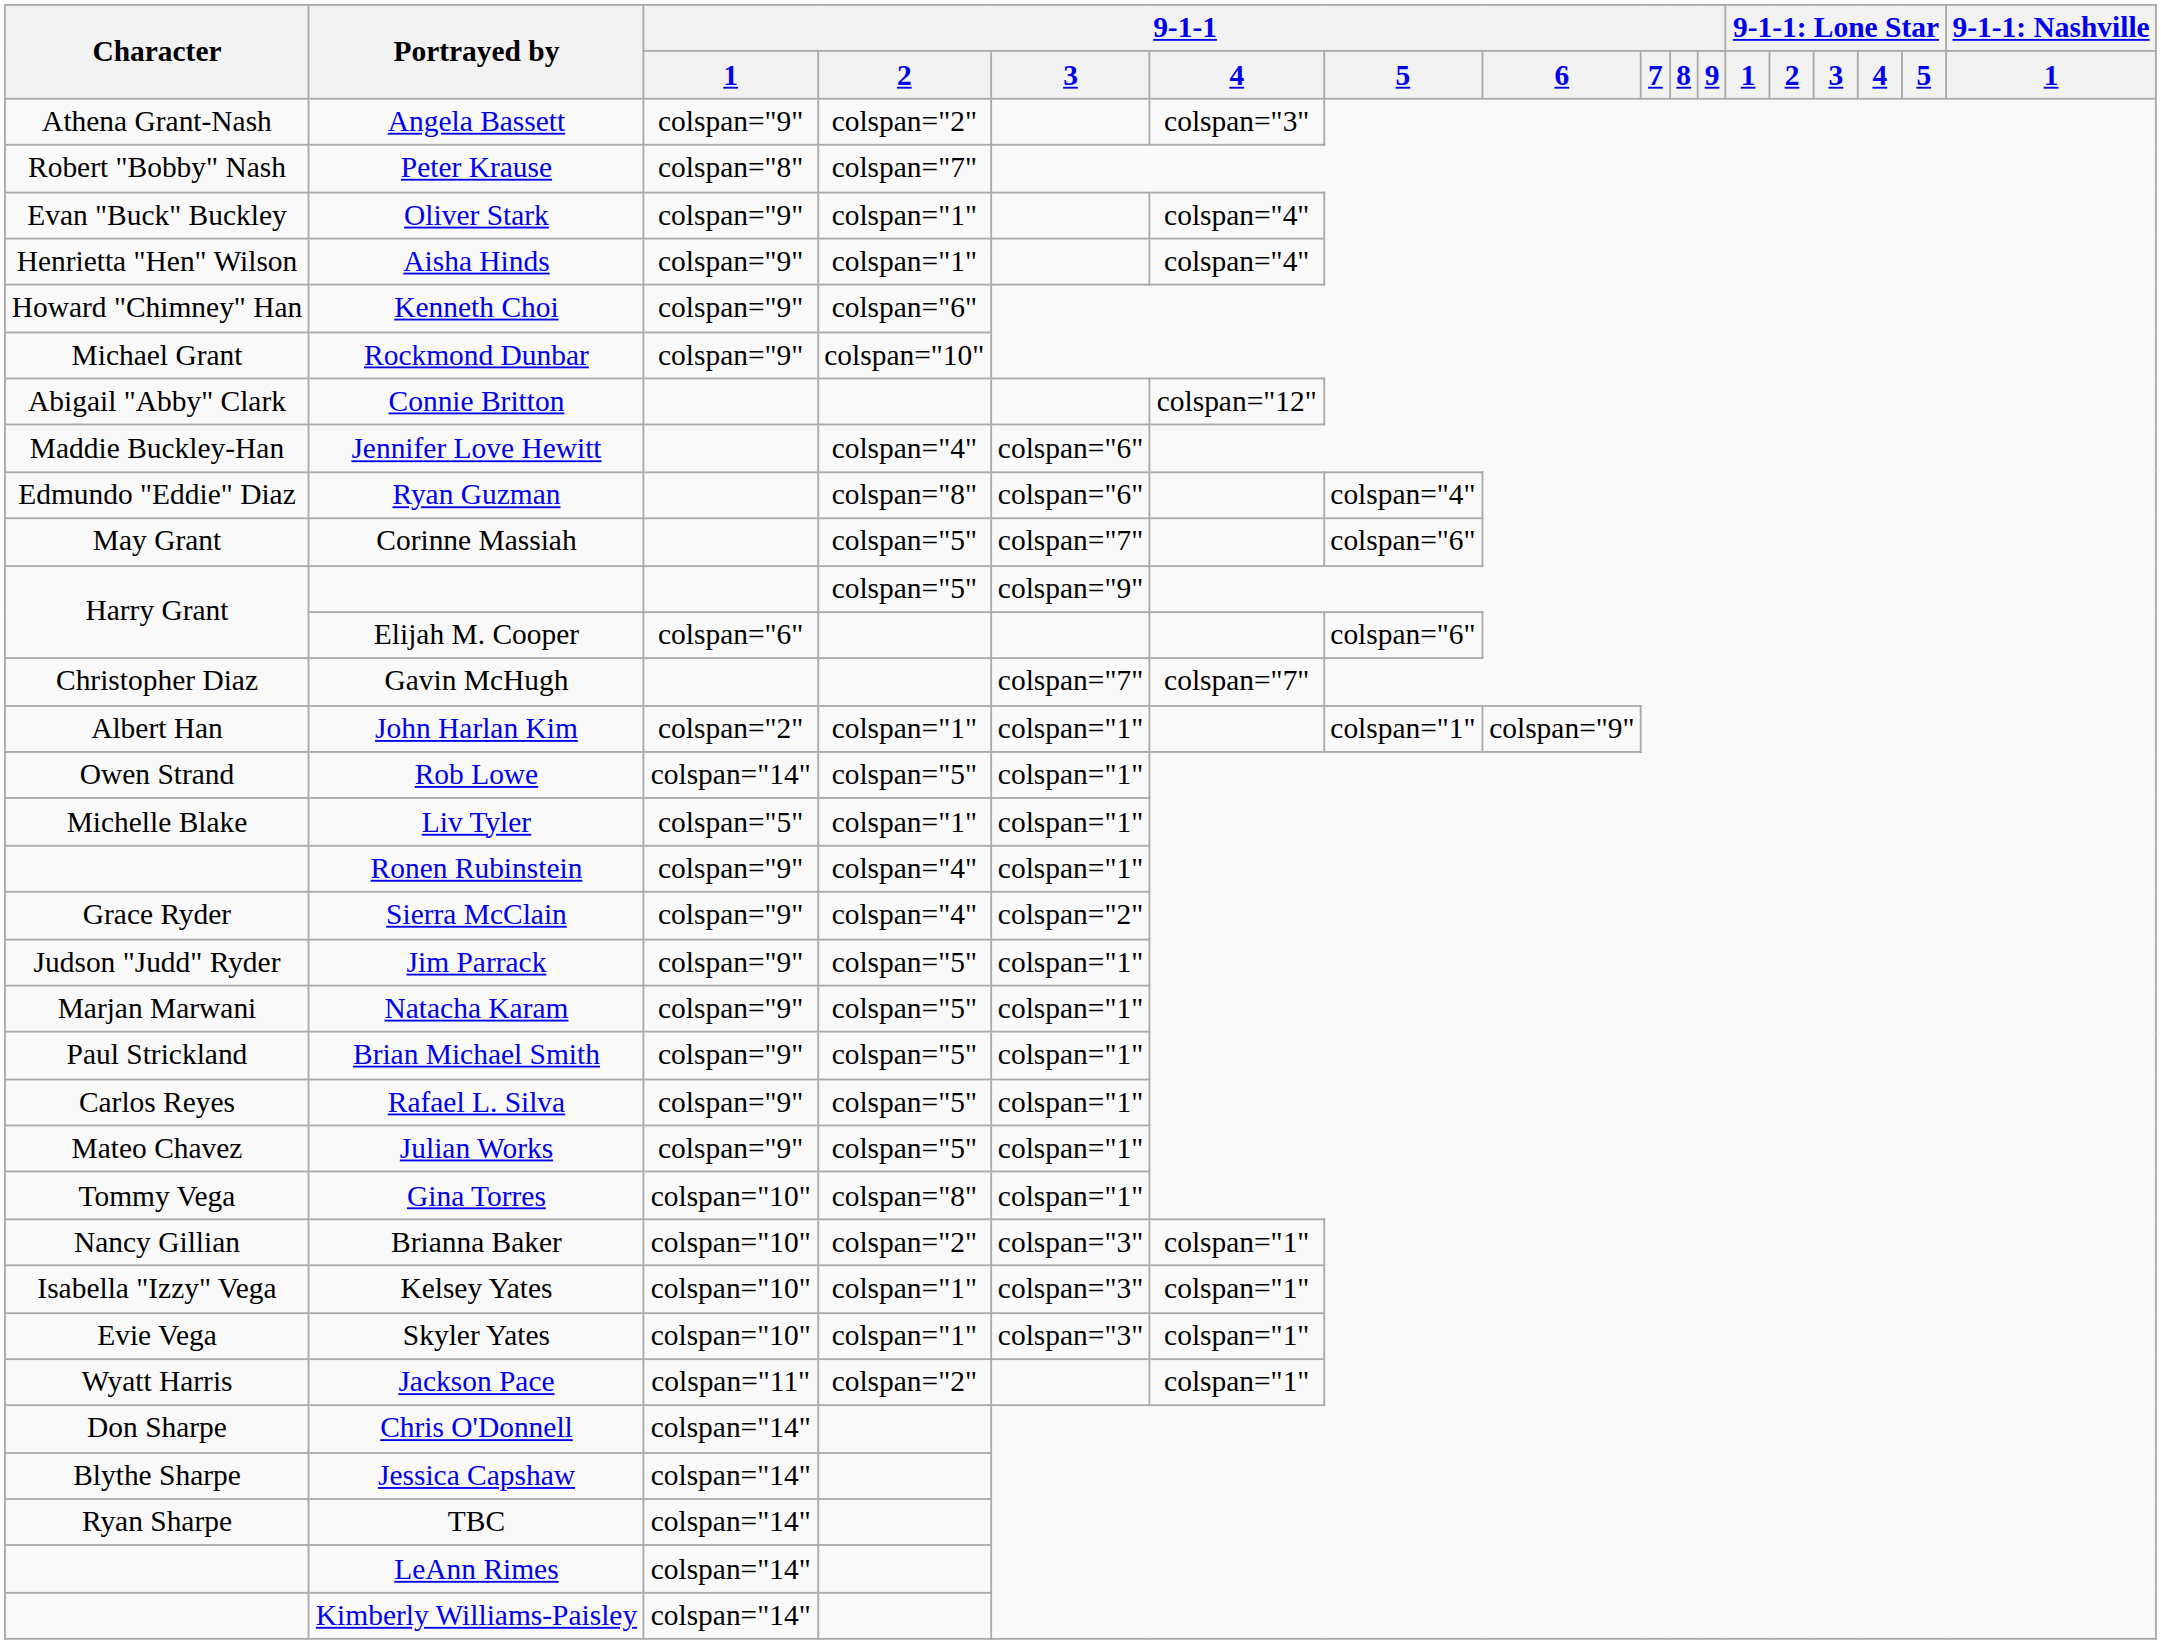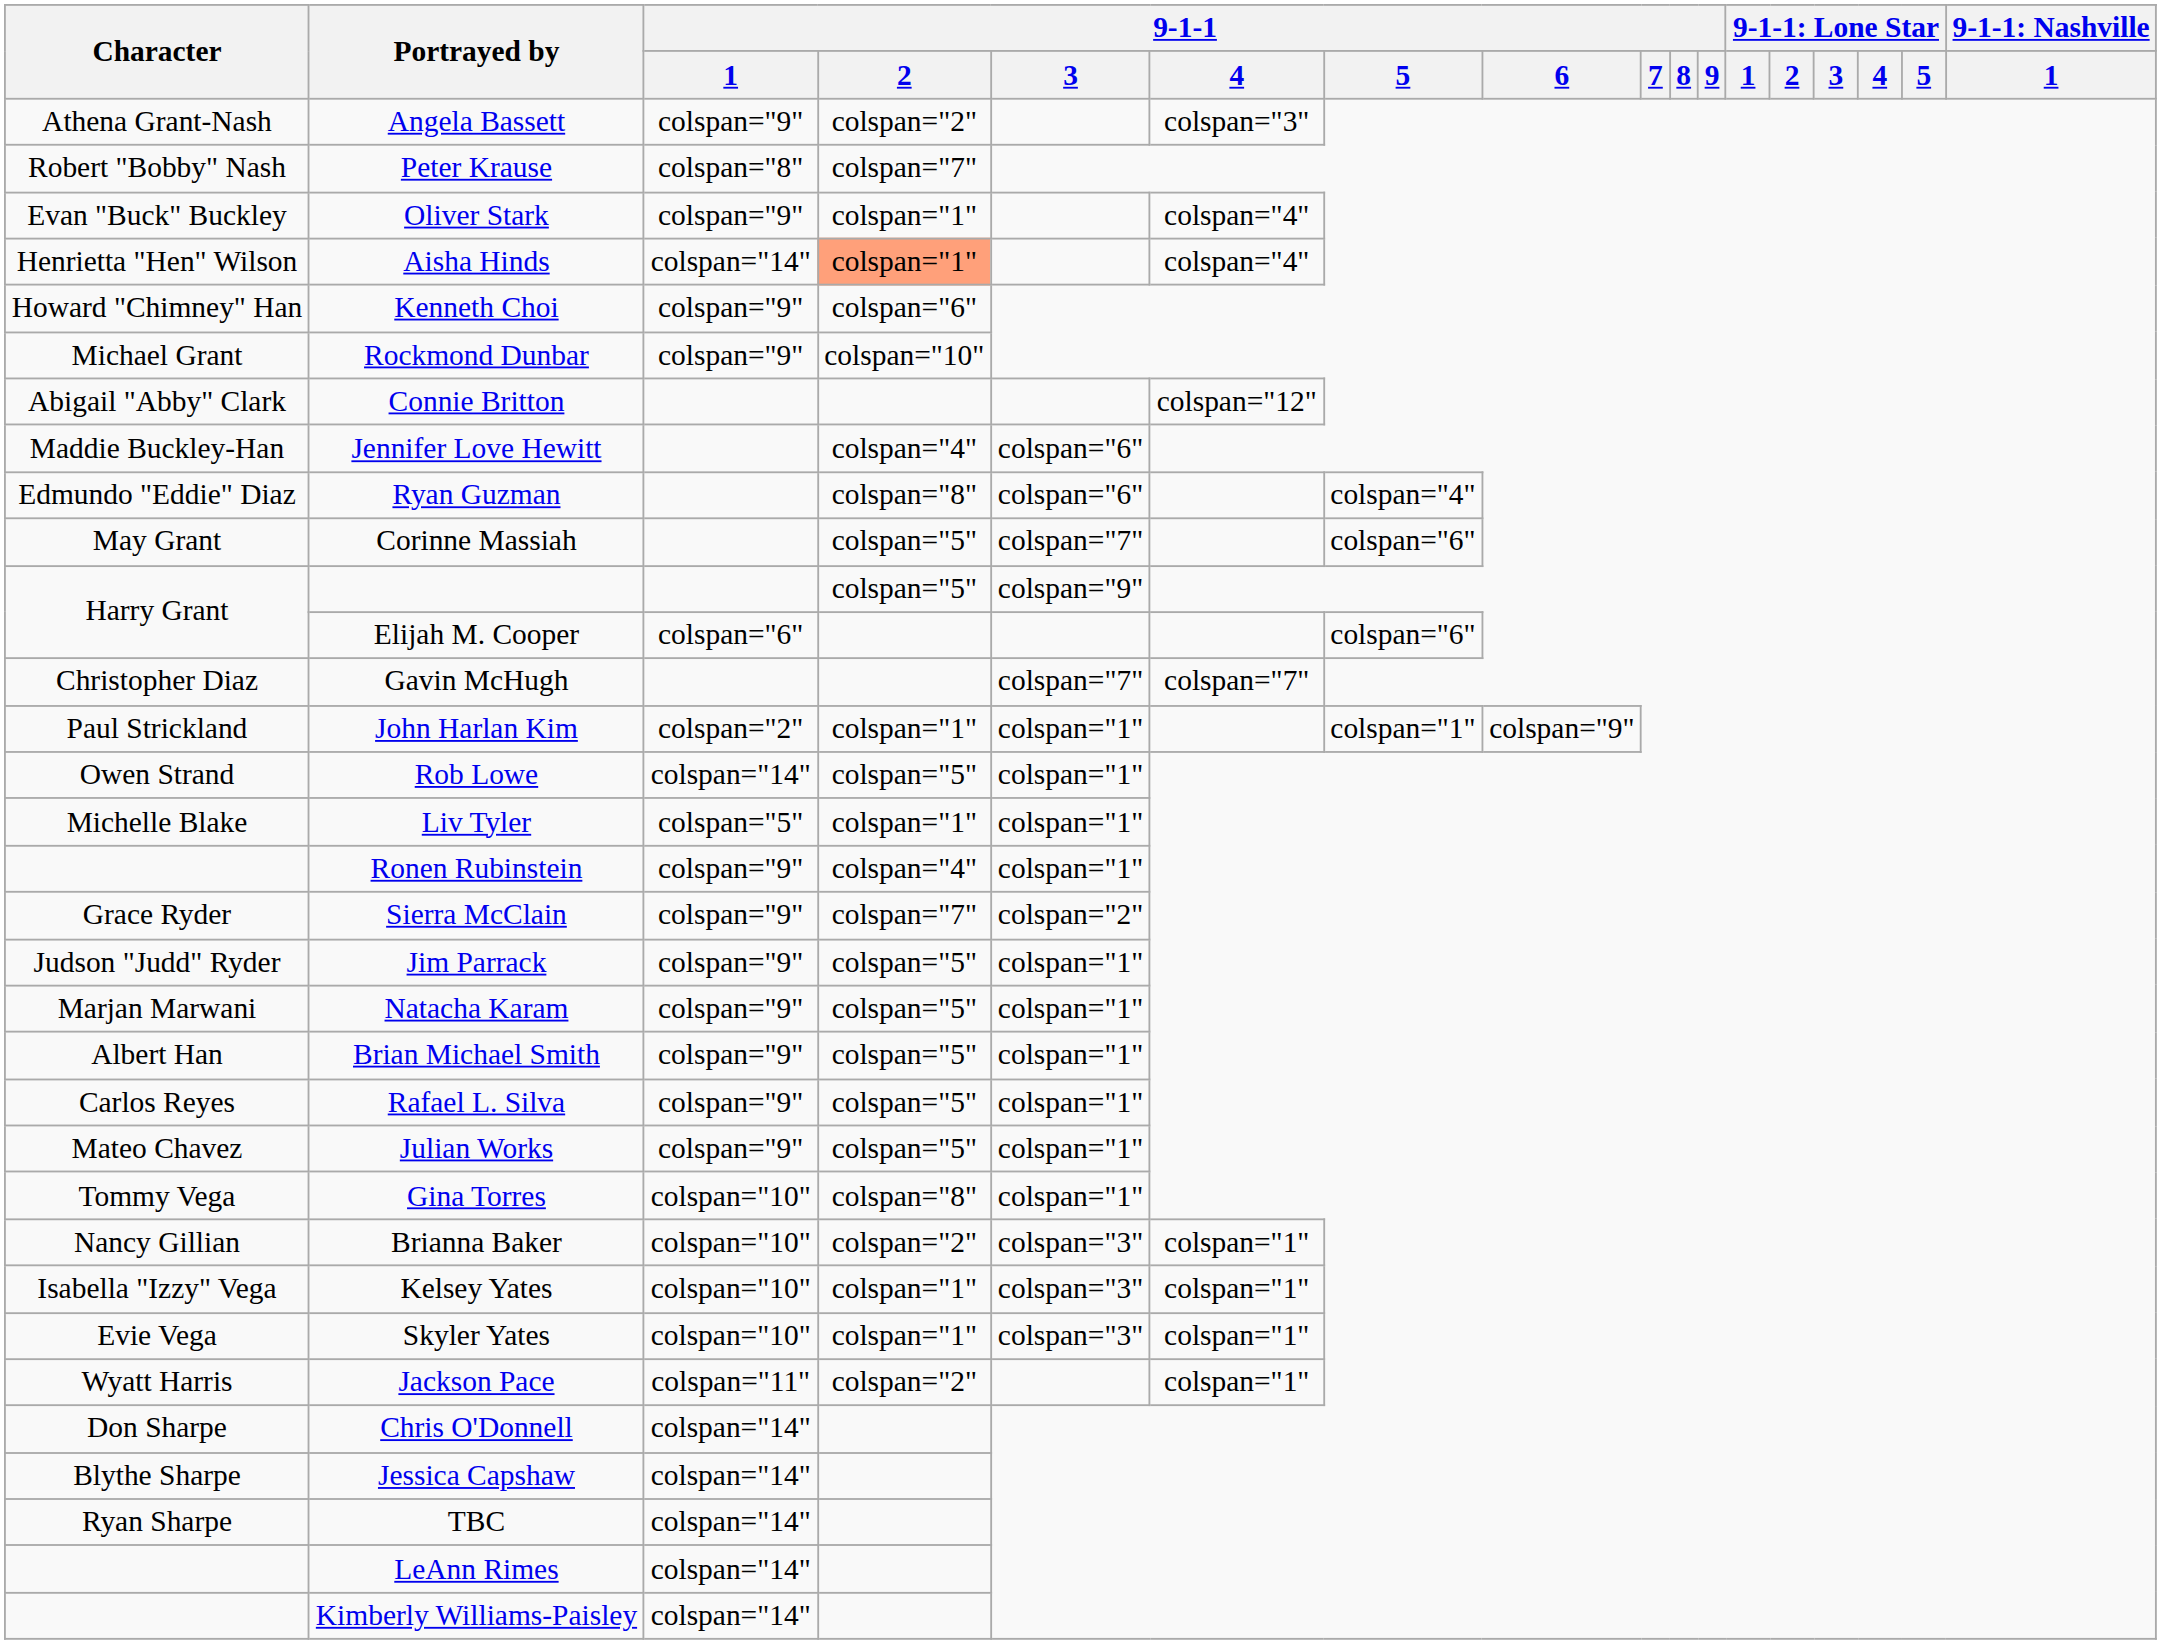 <table class="wikitable plainrowheaders" style="text-align:center">
 <tr>
 <th scope="col" rowspan="2">Character</th>
 <th scope="col" rowspan="2">Portrayed by</th>
 <th scope="col" colspan="9"><a href='#'>9-1-1</a></th>
 <th scope="col" colspan="5"><a href='#'>9-1-1: Lone Star</a></th>
 <th scope="col" colspan="1"><a href='#'>9-1-1: Nashville</a></th>
 </tr>
 <tr>
 <th scope="col"><a href='#'>1</a></th>
 <th scope="col"><a href='#'>2</a></th>
 <th scope="col"><a href='#'>3</a></th>
 <th scope="col"><a href='#'>4</a></th>
 <th scope="col"><a href='#'>5</a></th>
 <th scope="col"><a href='#'>6</a></th>
 <th scope="col"><a href='#'>7</a></th>
 <th scope="col"><a href='#'>8</a></th>
 <th scope="col"><a href='#'>9</a></th>
 <th scope="col"><a href='#'>1</a></th>
 <th scope="col"><a href='#'>2</a></th>
 <th scope="col"><a href='#'>3</a></th>
 <th scope="col"><a href='#'>4</a></th>
 <th scope="col"><a href='#'>5</a></th>
 <th scope="col"><a href='#'>1</a></th>
 </tr>
 <tr>
 <td>Athena Grant-Nash</td>
 <td><a href='#'>Angela Bassett</a></td>
 <td>colspan="9" </td>
 <td>colspan="2" </td>
 <td></td>
 <td>colspan="3" </td>
 </tr>
 <tr>
 <td>Robert "Bobby" Nash</td>
 <td><a href='#'>Peter Krause</a></td>
 <td>colspan="8" </td>
 <td>colspan="7" </td>
 </tr>
 <tr>
 <td>Evan "Buck" Buckley</td>
 <td><a href='#'>Oliver Stark</a></td>
 <td>colspan="9" </td>
 <td>colspan="1" </td>
 <td></td>
 <td>colspan="4" </td>
 </tr>
 <tr>
 <td>Henrietta "Hen" Wilson</td>
 <td><a href='#'>Aisha Hinds</a></td>
-<td>colspan="9" </td>
-<td>colspan="1" </td>
+<td>colspan="14" </td>
+<td style="background: lightsalmon;">colspan="1" </td>
 <td></td>
 <td>colspan="4" </td>
 </tr>
 <tr>
 <td>Howard "Chimney" Han</td>
 <td><a href='#'>Kenneth Choi</a></td>
 <td>colspan="9" </td>
 <td>colspan="6" </td>
 </tr>
 <tr>
 <td>Michael Grant</td>
 <td><a href='#'>Rockmond Dunbar</a></td>
 <td>colspan="9" </td>
 <td>colspan="10" </td>
 </tr>
 <tr>
 <td>Abigail "Abby" Clark</td>
 <td><a href='#'>Connie Britton</a></td>
 <td></td>
 <td></td>
 <td></td>
 <td>colspan="12" </td>
 </tr>
 <tr>
 <td>Maddie Buckley-Han</td>
 <td><a href='#'>Jennifer Love Hewitt</a></td>
 <td></td>
 <td>colspan="4" </td>
 <td>colspan="6" </td>
 </tr>
 <tr>
 <td>Edmundo "Eddie" Diaz</td>
 <td><a href='#'>Ryan Guzman</a></td>
 <td></td>
 <td>colspan="8" </td>
 <td>colspan="6" </td>
 <td></td>
 <td>colspan="4" </td>
 </tr>
 <tr>
 <td>May Grant</td>
 <td>Corinne Massiah</td>
 <td></td>
 <td>colspan="5" </td>
 <td>colspan="7" </td>
 <td></td>
 <td>colspan="6" </td>
 </tr>
 <tr>
 <td rowspan="2">Harry Grant</td>
 <td></td>
 <td></td>
 <td>colspan="5" </td>
 <td>colspan="9" </td>
 </tr>
 <tr>
 <td>Elijah M. Cooper</td>
 <td>colspan="6" </td>
 <td></td>
 <td></td>
 <td></td>
 <td>colspan="6" </td>
 </tr>
 <tr>
 <td>Christopher Diaz</td>
 <td>Gavin McHugh</td>
 <td></td>
 <td></td>
 <td>colspan="7" </td>
 <td>colspan="7" </td>
 </tr>
 <tr>
-<td>Albert Han</td>
+<td>Paul Strickland</td>
 <td><a href='#'>John Harlan Kim</a></td>
 <td>colspan="2" </td>
 <td>colspan="1" </td>
 <td>colspan="1" </td>
 <td></td>
 <td>colspan="1" </td>
 <td>colspan="9" </td>
 </tr>
 <tr>
 <td>Owen Strand</td>
 <td><a href='#'>Rob Lowe</a></td>
 <td>colspan="14" </td>
 <td>colspan="5" </td>
 <td>colspan="1" </td>
 </tr>
 <tr>
 <td>Michelle Blake</td>
 <td><a href='#'>Liv Tyler</a></td>
 <td>colspan="5" </td>
 <td>colspan="1" </td>
 <td>colspan="1" </td>
 </tr>
 <tr>
 <td></td>
 <td><a href='#'>Ronen Rubinstein</a></td>
 <td>colspan="9" </td>
 <td>colspan="4" </td>
 <td>colspan="1" </td>
 </tr>
 <tr>
 <td>Grace Ryder</td>
 <td><a href='#'>Sierra McClain</a></td>
 <td>colspan="9" </td>
-<td>colspan="4" </td>
+<td>colspan="7" </td>
 <td>colspan="2" </td>
 </tr>
 <tr>
 <td>Judson "Judd" Ryder</td>
 <td><a href='#'>Jim Parrack</a></td>
 <td>colspan="9" </td>
 <td>colspan="5" </td>
 <td>colspan="1" </td>
 </tr>
 <tr>
 <td>Marjan Marwani</td>
 <td><a href='#'>Natacha Karam</a></td>
 <td>colspan="9" </td>
 <td>colspan="5" </td>
 <td>colspan="1" </td>
 </tr>
 <tr>
-<td>Paul Strickland</td>
+<td>Albert Han</td>
 <td><a href='#'>Brian Michael Smith</a></td>
 <td>colspan="9" </td>
 <td>colspan="5" </td>
 <td>colspan="1" </td>
 </tr>
 <tr>
 <td>Carlos Reyes</td>
 <td><a href='#'>Rafael L. Silva</a></td>
 <td>colspan="9" </td>
 <td>colspan="5" </td>
 <td>colspan="1" </td>
 </tr>
 <tr>
 <td>Mateo Chavez</td>
 <td><a href='#'>Julian Works</a></td>
 <td>colspan="9" </td>
 <td>colspan="5" </td>
 <td>colspan="1" </td>
 </tr>
 <tr>
 <td>Tommy Vega</td>
 <td><a href='#'>Gina Torres</a></td>
 <td>colspan="10" </td>
 <td>colspan="8" </td>
 <td>colspan="1" </td>
 </tr>
 <tr>
 <td>Nancy Gillian</td>
 <td>Brianna Baker</td>
 <td>colspan="10" </td>
 <td>colspan="2" </td>
 <td>colspan="3" </td>
 <td>colspan="1" </td>
 </tr>
 <tr>
 <td>Isabella "Izzy" Vega</td>
 <td>Kelsey Yates</td>
 <td>colspan="10" </td>
 <td>colspan="1"</td>
 <td>colspan="3" </td>
 <td>colspan="1" </td>
 </tr>
 <tr>
 <td>Evie Vega</td>
 <td>Skyler Yates</td>
 <td>colspan="10" </td>
 <td>colspan="1"</td>
 <td>colspan="3" </td>
 <td>colspan="1" </td>
 </tr>
 <tr>
 <td>Wyatt Harris</td>
 <td><a href='#'>Jackson Pace</a></td>
 <td>colspan="11" </td>
 <td>colspan="2" </td>
 <td></td>
 <td>colspan="1" </td>
 </tr>
 <tr>
 <td>Don Sharpe</td>
 <td><a href='#'>Chris O'Donnell</a></td>
 <td>colspan="14" </td>
 <td></td>
 </tr>
 <tr>
 <td>Blythe Sharpe</td>
 <td><a href='#'>Jessica Capshaw</a></td>
 <td>colspan="14" </td>
 <td></td>
 </tr>
 <tr>
 <td>Ryan Sharpe</td>
 <td>TBC</td>
 <td>colspan="14" </td>
 <td></td>
 </tr>
 <tr>
 <td></td>
 <td><a href='#'>LeAnn Rimes</a></td>
 <td>colspan="14" </td>
 <td></td>
 </tr>
 <tr>
 <td></td>
 <td><a href='#'>Kimberly Williams-Paisley</a></td>
 <td>colspan="14" </td>
 <td></td>
 </tr>
 </table>
